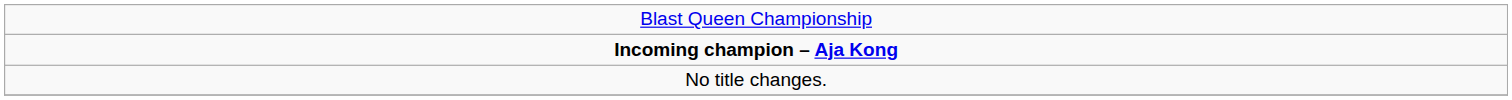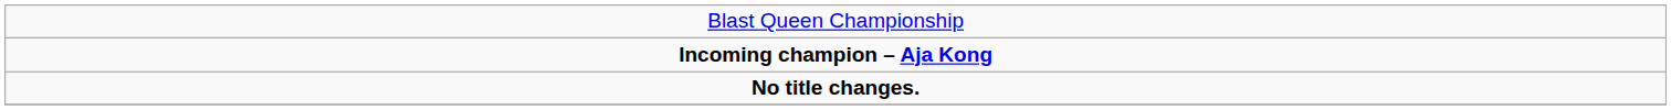 <table class="wikitable" style="text-align:center; width:100%;">
 <tr>
 <td colspan="4" style="text-align: center;"><a href='#'>Blast Queen Championship</a></td>
 </tr>
 <tr>
 <td colspan="4" style="text-align: center;"><strong>Incoming champion – <a href='#'>Aja Kong</a></strong></td>
 </tr>
 <tr>
-<td>No title changes.</td>
+<td><strong>No title changes.</strong></td>
 </tr>
 <tr>
 </tr>
 </table>
